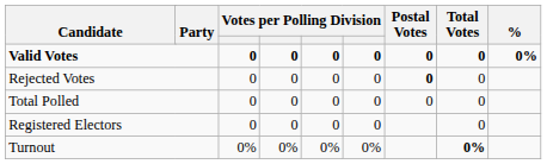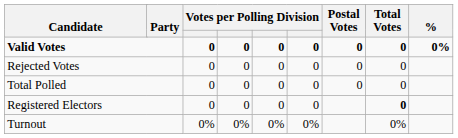 <table class="wikitable" border="1" style="text-align:right;">
 <tr>
 <th align=left valign=bottom rowspan=2 colspan=2 width="180">Candidate</th>
 <th align=left valign=bottom rowspan=2 width="40">Party</th>
 <th colspan=4>Votes per Polling Division</th>
 <th align=center valign=bottom rowspan=2 width="50">Postal<br>Votes</th>
 <th align=center valign=bottom rowspan=2 width="50">Total Votes</th>
 <th align=center valign=bottom rowspan=2 width="50">%</th>
 </tr>
 <tr>
 <th></th>
 <th></th>
 <th></th>
 <th></th>
 </tr>
 <tr>
 <td align=left colspan=3><strong>Valid Votes</strong></td>
 <td><strong>0 </strong></td>
 <td><strong>0</strong></td>
 <td><strong>0</strong></td>
 <td><strong>0</strong></td>
 <td><strong>0</strong></td>
 <td><strong>0</strong></td>
 <td><strong>0%</strong></td>
 </tr>
 <tr>
 <td align=left colspan=3>Rejected Votes</td>
 <td>0</td>
 <td>0</td>
 <td>0</td>
 <td>0</td>
-<td><strong>0</strong></td>
+<td>0</td>
 <td>0</td>
 <td></td>
 </tr>
 <tr>
 <td align=left colspan=3>Total Polled</td>
 <td>0</td>
 <td>0</td>
 <td>0</td>
 <td>0</td>
 <td>0</td>
 <td>0</td>
 <td></td>
 </tr>
 <tr>
 <td align=left colspan=3>Registered Electors</td>
 <td>0</td>
 <td>0</td>
 <td>0</td>
 <td>0</td>
 <td></td>
-<td>0</td>
+<td><strong>0</strong></td>
 <td></td>
 </tr>
 <tr>
 <td align=left colspan=3>Turnout</td>
 <td>0%</td>
 <td>0%</td>
 <td>0%</td>
 <td>0%</td>
 <td></td>
-<td><strong>0%</strong></td>
+<td>0%</td>
 <td></td>
 </tr>
 </table>
